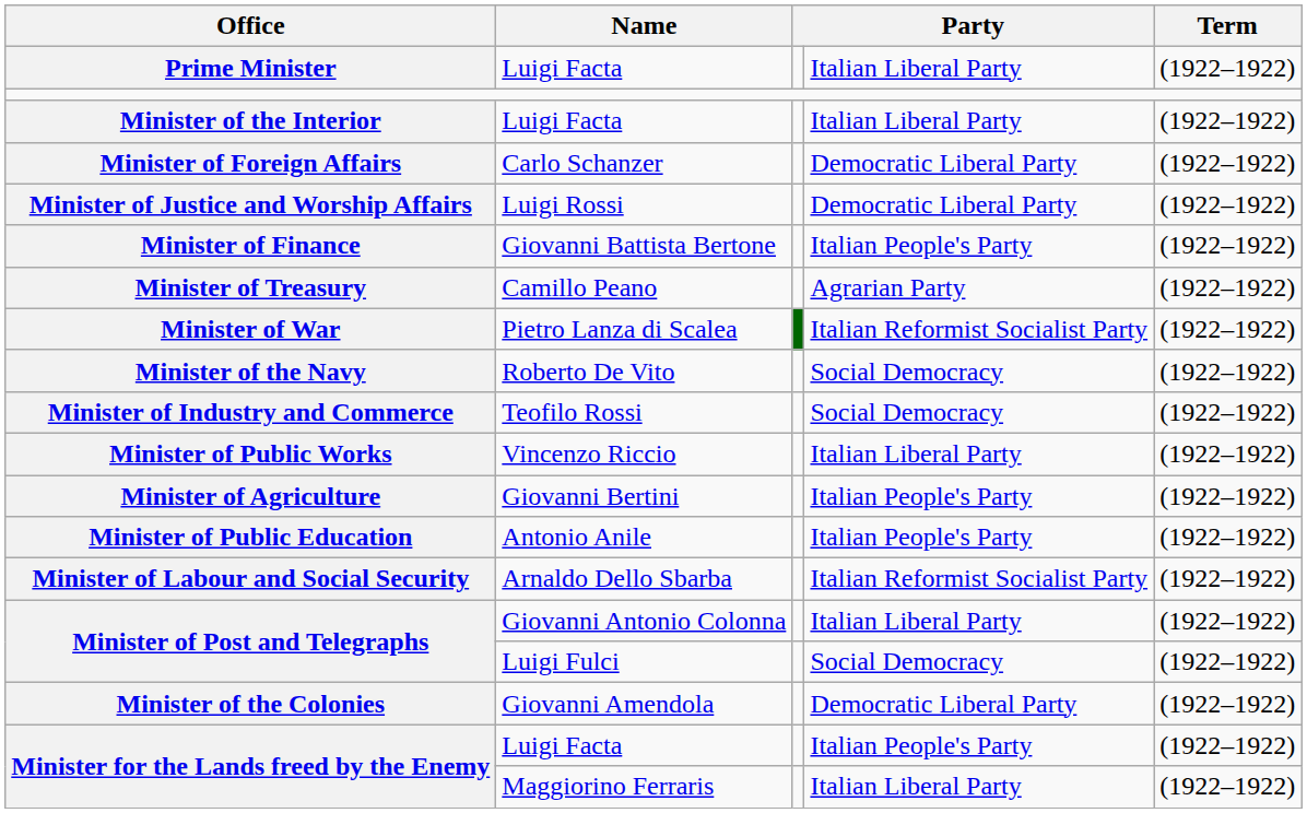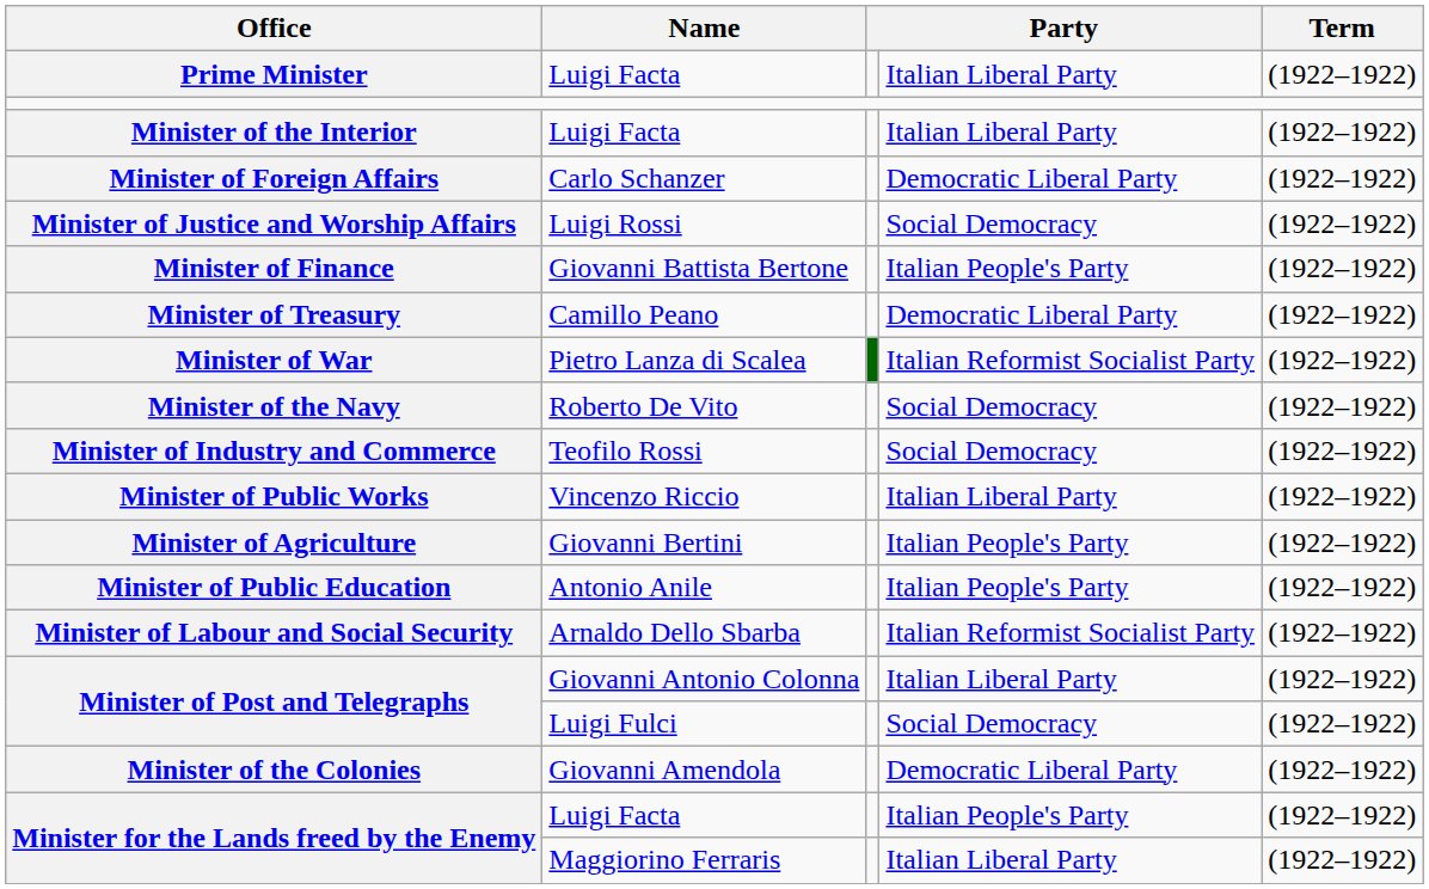 <table class="wikitable" style="font-size: 100%;">
 <tr>
 <th>Office</th>
 <th>Name</th>
 <th colspan=2>Party</th>
 <th>Term</th>
 </tr>
 <tr>
 <th><a href='#'>Prime Minister</a></th>
 <td><a href='#'>Luigi Facta</a></td>
 <td style="color:inherit;background:"></td>
 <td><a href='#'>Italian Liberal Party</a></td>
 <td>(1922–1922)</td>
 </tr>
 <tr>
 <td colspan=6></td>
 </tr>
 <tr>
 <th><a href='#'>Minister of the Interior</a></th>
 <td><a href='#'>Luigi Facta</a></td>
 <td style="color:inherit;background:"></td>
 <td><a href='#'>Italian Liberal Party</a></td>
 <td>(1922–1922)</td>
 </tr>
 <tr>
 <th><a href='#'>Minister of Foreign Affairs</a></th>
 <td><a href='#'>Carlo Schanzer</a></td>
 <td style="color:inherit;background:"></td>
 <td><a href='#'>Democratic Liberal Party</a></td>
 <td>(1922–1922)</td>
 </tr>
 <tr>
 <th><a href='#'>Minister of Justice and Worship Affairs</a></th>
 <td><a href='#'>Luigi Rossi</a></td>
 <td style="color:inherit;background:"></td>
-<td><a href='#'>Democratic Liberal Party</a></td>
+<td><a href='#'>Social Democracy</a></td>
 <td>(1922–1922)</td>
 </tr>
 <tr>
 <th><a href='#'>Minister of Finance</a></th>
 <td><a href='#'>Giovanni Battista Bertone</a></td>
 <td style="color:inherit;background:"></td>
 <td><a href='#'>Italian People's Party</a></td>
 <td>(1922–1922)</td>
 </tr>
 <tr>
 <th><a href='#'>Minister of Treasury</a></th>
 <td><a href='#'>Camillo Peano</a></td>
 <td style="color:inherit;background:"></td>
-<td><a href='#'>Agrarian Party</a></td>
+<td><a href='#'>Democratic Liberal Party</a></td>
 <td>(1922–1922)</td>
 </tr>
 <tr>
 <th><a href='#'>Minister of War</a></th>
 <td><a href='#'>Pietro Lanza di Scalea</a></td>
 <td style="color:inherit;background:#006600"></td>
 <td><a href='#'>Italian Reformist Socialist Party</a></td>
 <td>(1922–1922)</td>
 </tr>
 <tr>
 <th><a href='#'>Minister of the Navy</a></th>
 <td><a href='#'>Roberto De Vito</a></td>
 <td style="color:inherit;background:"></td>
 <td><a href='#'>Social Democracy</a></td>
 <td>(1922–1922)</td>
 </tr>
 <tr>
 <th><a href='#'>Minister of Industry and Commerce</a></th>
 <td><a href='#'>Teofilo Rossi</a></td>
 <td style="color:inherit;background:"></td>
 <td><a href='#'>Social Democracy</a></td>
 <td>(1922–1922)</td>
 </tr>
 <tr>
 <th><a href='#'>Minister of Public Works</a></th>
 <td><a href='#'>Vincenzo Riccio</a></td>
 <td style="color:inherit;background:"></td>
 <td><a href='#'>Italian Liberal Party</a></td>
 <td>(1922–1922)</td>
 </tr>
 <tr>
 <th><a href='#'>Minister of Agriculture</a></th>
 <td><a href='#'>Giovanni Bertini</a></td>
 <td style="color:inherit;background:"></td>
 <td><a href='#'>Italian People's Party</a></td>
 <td>(1922–1922)</td>
 </tr>
 <tr>
 <th><a href='#'>Minister of Public Education</a></th>
 <td><a href='#'>Antonio Anile</a></td>
 <td style="color:inherit;background:"></td>
 <td><a href='#'>Italian People's Party</a></td>
 <td>(1922–1922)</td>
 </tr>
 <tr>
 <th><a href='#'>Minister of Labour and Social Security</a></th>
 <td><a href='#'>Arnaldo Dello Sbarba</a></td>
 <td style="color:inherit;background:"></td>
 <td><a href='#'>Italian Reformist Socialist Party</a></td>
 <td>(1922–1922)</td>
 </tr>
 <tr>
 <th rowspan=2><a href='#'>Minister of Post and Telegraphs</a></th>
 <td><a href='#'>Giovanni Antonio Colonna</a></td>
 <td style="color:inherit;background:"></td>
 <td><a href='#'>Italian Liberal Party</a></td>
 <td>(1922–1922)</td>
 </tr>
 <tr>
 <td><a href='#'>Luigi Fulci</a></td>
 <td style="color:inherit;background:"></td>
 <td><a href='#'>Social Democracy</a></td>
 <td>(1922–1922)</td>
 </tr>
 <tr>
 <th><a href='#'>Minister of the Colonies</a></th>
 <td><a href='#'>Giovanni Amendola</a></td>
 <td style="color:inherit;background:"></td>
 <td><a href='#'>Democratic Liberal Party</a></td>
 <td>(1922–1922)</td>
 </tr>
 <tr>
 <th rowspan=2><a href='#'>Minister for the Lands freed by the Enemy</a></th>
 <td><a href='#'>Luigi Facta</a></td>
 <td style="color:inherit;background:"></td>
 <td><a href='#'>Italian People's Party</a></td>
 <td>(1922–1922)</td>
 </tr>
 <tr>
 <td><a href='#'>Maggiorino Ferraris</a></td>
 <td style="color:inherit;background:"></td>
 <td><a href='#'>Italian Liberal Party</a></td>
 <td>(1922–1922)</td>
 </tr>
 </table>
